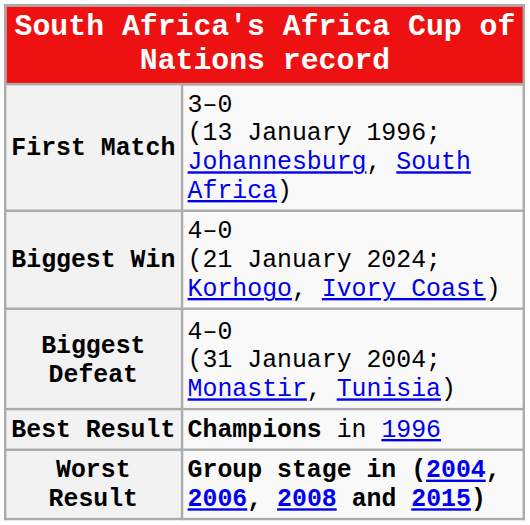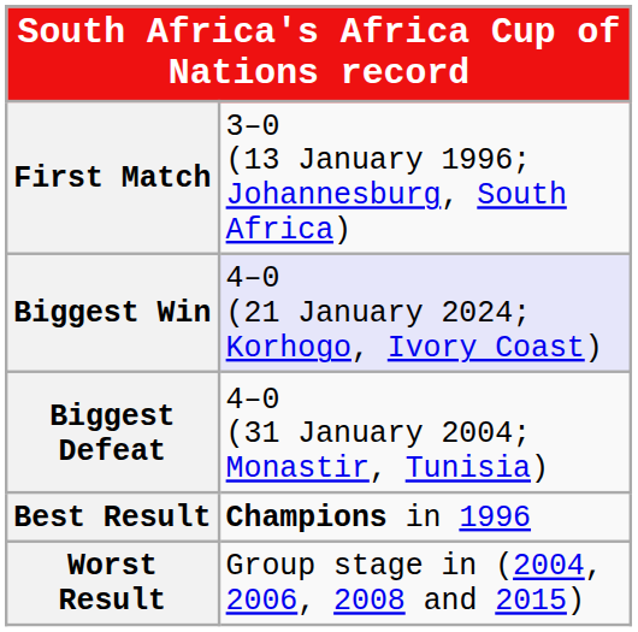 <table class="wikitable collapsible collapsed" style="width:35%; font-size:80%;">
 <tr>
 </tr>
 <tr style="color:white;">
 <th style="background:#e11; width:20%;" colspan="6"><big>South Africa's Africa Cup of Nations record</big></th>
 </tr>
 <tr>
 <th width=10%>First Match</th>
 <td width=23%><div> 3–0 <br> (13 January 1996; <a href='#'>Johannesburg</a>, <a href='#'>South Africa</a>)</div></td>
 </tr>
 <tr>
 <th width=10%>Biggest Win</th>
-<td width=23%><div> 4–0 <br> (21 January 2024; <a href='#'>Korhogo</a>, <a href='#'>Ivory Coast</a>)</div></td>
+<td width=23% style="background: lavender;"><div> 4–0 <br> (21 January 2024; <a href='#'>Korhogo</a>, <a href='#'>Ivory Coast</a>)</div></td>
 </tr>
 <tr>
 <th width=10%>Biggest Defeat</th>
 <td width=23%><div> 4–0 <br> (31 January 2004; <a href='#'>Monastir</a>, <a href='#'>Tunisia</a>)</div></td>
 </tr>
 <tr>
 <th width=10%>Best Result</th>
 <td width=23%><div><strong>Champions</strong> in <a href='#'>1996</a></div></td>
 </tr>
 <tr>
 <th width=10%>Worst Result</th>
-<td width=23%><strong><div>Group stage in (<a href='#'>2004</a>, <a href='#'>2006</a>, <a href='#'>2008</a> and <a href='#'>2015</a>)</div></strong></td>
+<td width=23%><div>Group stage in (<a href='#'>2004</a>, <a href='#'>2006</a>, <a href='#'>2008</a> and <a href='#'>2015</a>)</div></td>
 </tr>
 </table>
